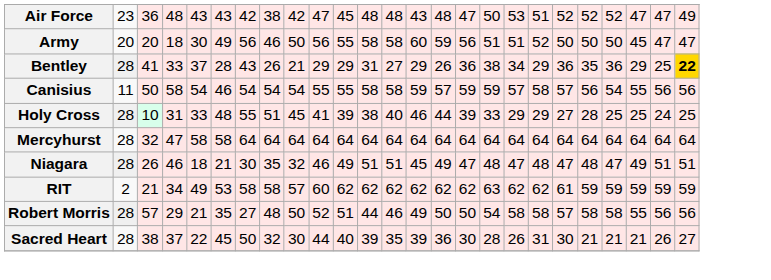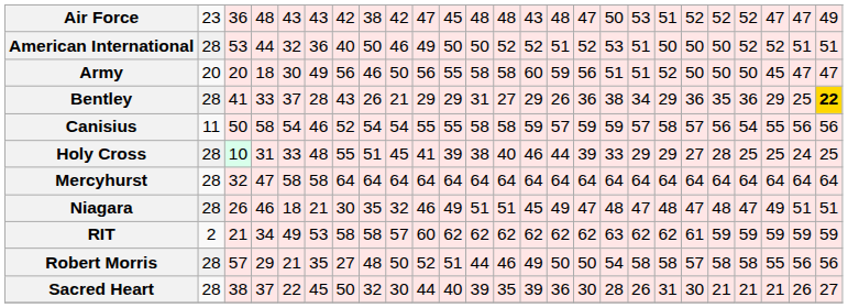 <table class="wikitable sortable" style="text-align: center;">
 <tr>
 </tr>
 <tr>
 <th>Air Force</th>
 <td>23</td>
 <td bgcolor=FFE6E6>36</td>
 <td bgcolor=FFE6E6>48</td>
 <td bgcolor=FFE6E6>43</td>
 <td bgcolor=FFE6E6>43</td>
 <td bgcolor=FFE6E6>42</td>
 <td bgcolor=FFE6E6>38</td>
 <td bgcolor=FFE6E6>42</td>
 <td bgcolor=FFE6E6>47</td>
 <td bgcolor=FFE6E6>45</td>
 <td bgcolor=FFE6E6>48</td>
 <td bgcolor=FFE6E6>48</td>
 <td bgcolor=FFE6E6>43</td>
 <td bgcolor=FFE6E6>48</td>
 <td bgcolor=FFE6E6>47</td>
 <td bgcolor=FFE6E6>50</td>
 <td bgcolor=FFE6E6>53</td>
 <td bgcolor=FFE6E6>51</td>
 <td bgcolor=FFE6E6>52</td>
 <td bgcolor=FFE6E6>52</td>
 <td bgcolor=FFE6E6>52</td>
 <td bgcolor=FFE6E6>47</td>
 <td bgcolor=FFE6E6>47</td>
 <td bgcolor=FFE6E6>49</td>
+</tr>
+<tr bgcolor=f0f0f0>
+<th>American International</th>
+<td>28</td>
+<td bgcolor=FFE6E6>53</td>
+<td bgcolor=FFE6E6>44</td>
+<td bgcolor=FFE6E6>32</td>
+<td bgcolor=FFE6E6>36</td>
+<td bgcolor=FFE6E6>40</td>
+<td bgcolor=FFE6E6>50</td>
+<td bgcolor=FFE6E6>46</td>
+<td bgcolor=FFE6E6>49</td>
+<td bgcolor=FFE6E6>50</td>
+<td bgcolor=FFE6E6>50</td>
+<td bgcolor=FFE6E6>52</td>
+<td bgcolor=FFE6E6>52</td>
+<td bgcolor=FFE6E6>51</td>
+<td bgcolor=FFE6E6>52</td>
+<td bgcolor=FFE6E6>53</td>
+<td bgcolor=FFE6E6>51</td>
+<td bgcolor=FFE6E6>50</td>
+<td bgcolor=FFE6E6>50</td>
+<td bgcolor=FFE6E6>50</td>
+<td bgcolor=FFE6E6>52</td>
+<td bgcolor=FFE6E6>52</td>
+<td bgcolor=FFE6E6>51</td>
+<td bgcolor=FFE6E6>51</td>
 </tr>
 <tr>
 <th>Army</th>
 <td>20</td>
 <td bgcolor=FFE6E6>20</td>
 <td bgcolor=FFE6E6>18</td>
 <td bgcolor=FFE6E6>30</td>
 <td bgcolor=FFE6E6>49</td>
 <td bgcolor=FFE6E6>56</td>
 <td bgcolor=FFE6E6>46</td>
 <td bgcolor=FFE6E6>50</td>
 <td bgcolor=FFE6E6>56</td>
 <td bgcolor=FFE6E6>55</td>
 <td bgcolor=FFE6E6>58</td>
 <td bgcolor=FFE6E6>58</td>
 <td bgcolor=FFE6E6>60</td>
 <td bgcolor=FFE6E6>59</td>
 <td bgcolor=FFE6E6>56</td>
 <td bgcolor=FFE6E6>51</td>
 <td bgcolor=FFE6E6>51</td>
 <td bgcolor=FFE6E6>52</td>
 <td bgcolor=FFE6E6>50</td>
 <td bgcolor=FFE6E6>50</td>
 <td bgcolor=FFE6E6>50</td>
 <td bgcolor=FFE6E6>45</td>
 <td bgcolor=FFE6E6>47</td>
 <td bgcolor=FFE6E6>47</td>
 </tr>
 <tr bgcolor=f0f0f0>
 <th>Bentley</th>
 <td>28</td>
 <td bgcolor=FFE6E6>41</td>
 <td bgcolor=FFE6E6>33</td>
 <td bgcolor=FFE6E6>37</td>
 <td bgcolor=FFE6E6>28</td>
 <td bgcolor=FFE6E6>43</td>
 <td bgcolor=FFE6E6>26</td>
 <td bgcolor=FFE6E6>21</td>
 <td bgcolor=FFE6E6>29</td>
 <td bgcolor=FFE6E6>29</td>
 <td bgcolor=FFE6E6>31</td>
 <td bgcolor=FFE6E6>27</td>
 <td bgcolor=FFE6E6>29</td>
 <td bgcolor=FFE6E6>26</td>
 <td bgcolor=FFE6E6>36</td>
 <td bgcolor=FFE6E6>38</td>
 <td bgcolor=FFE6E6>34</td>
 <td bgcolor=FFE6E6>29</td>
 <td bgcolor=FFE6E6>36</td>
 <td bgcolor=FFE6E6>35</td>
 <td bgcolor=FFE6E6>36</td>
 <td bgcolor=FFE6E6>29</td>
 <td bgcolor=FFE6E6>25</td>
 <td bgcolor=gold><strong>22</strong></td>
 </tr>
 <tr>
 <th>Canisius</th>
 <td>11</td>
 <td bgcolor=FFE6E6>50</td>
 <td bgcolor=FFE6E6>58</td>
 <td bgcolor=FFE6E6>54</td>
 <td bgcolor=FFE6E6>46</td>
-<td bgcolor=FFE6E6>54</td>
+<td bgcolor=FFE6E6>52</td>
 <td bgcolor=FFE6E6>54</td>
 <td bgcolor=FFE6E6>54</td>
 <td bgcolor=FFE6E6>55</td>
 <td bgcolor=FFE6E6>55</td>
 <td bgcolor=FFE6E6>58</td>
 <td bgcolor=FFE6E6>58</td>
 <td bgcolor=FFE6E6>59</td>
 <td bgcolor=FFE6E6>57</td>
 <td bgcolor=FFE6E6>59</td>
 <td bgcolor=FFE6E6>59</td>
 <td bgcolor=FFE6E6>57</td>
 <td bgcolor=FFE6E6>58</td>
 <td bgcolor=FFE6E6>57</td>
 <td bgcolor=FFE6E6>56</td>
 <td bgcolor=FFE6E6>54</td>
 <td bgcolor=FFE6E6>55</td>
 <td bgcolor=FFE6E6>56</td>
 <td bgcolor=FFE6E6>56</td>
 </tr>
 <tr bgcolor=f0f0f0>
 <th>Holy Cross</th>
 <td>28</td>
 <td bgcolor=D8FFEB>10</td>
 <td bgcolor=FFE6E6>31</td>
 <td bgcolor=FFE6E6>33</td>
 <td bgcolor=FFE6E6>48</td>
 <td bgcolor=FFE6E6>55</td>
 <td bgcolor=FFE6E6>51</td>
 <td bgcolor=FFE6E6>45</td>
 <td bgcolor=FFE6E6>41</td>
 <td bgcolor=FFE6E6>39</td>
 <td bgcolor=FFE6E6>38</td>
 <td bgcolor=FFE6E6>40</td>
 <td bgcolor=FFE6E6>46</td>
 <td bgcolor=FFE6E6>44</td>
 <td bgcolor=FFE6E6>39</td>
 <td bgcolor=FFE6E6>33</td>
 <td bgcolor=FFE6E6>29</td>
 <td bgcolor=FFE6E6>29</td>
 <td bgcolor=FFE6E6>27</td>
 <td bgcolor=FFE6E6>28</td>
 <td bgcolor=FFE6E6>25</td>
 <td bgcolor=FFE6E6>25</td>
 <td bgcolor=FFE6E6>24</td>
 <td bgcolor=FFE6E6>25</td>
 </tr>
 <tr>
 <th>Mercyhurst</th>
 <td>28</td>
 <td bgcolor=FFE6E6>32</td>
 <td bgcolor=FFE6E6>47</td>
 <td bgcolor=FFE6E6>58</td>
 <td bgcolor=FFE6E6>58</td>
 <td bgcolor=FFE6E6>64</td>
 <td bgcolor=FFE6E6>64</td>
 <td bgcolor=FFE6E6>64</td>
 <td bgcolor=FFE6E6>64</td>
 <td bgcolor=FFE6E6>64</td>
 <td bgcolor=FFE6E6>64</td>
 <td bgcolor=FFE6E6>64</td>
 <td bgcolor=FFE6E6>64</td>
 <td bgcolor=FFE6E6>64</td>
 <td bgcolor=FFE6E6>64</td>
 <td bgcolor=FFE6E6>64</td>
 <td bgcolor=FFE6E6>64</td>
 <td bgcolor=FFE6E6>64</td>
 <td bgcolor=FFE6E6>64</td>
 <td bgcolor=FFE6E6>64</td>
 <td bgcolor=FFE6E6>64</td>
 <td bgcolor=FFE6E6>64</td>
 <td bgcolor=FFE6E6>64</td>
 <td bgcolor=FFE6E6>64</td>
 </tr>
 <tr bgcolor=f0f0f0>
 <th>Niagara</th>
 <td>28</td>
 <td bgcolor=FFE6E6>26</td>
 <td bgcolor=FFE6E6>46</td>
 <td bgcolor=FFE6E6>18</td>
 <td bgcolor=FFE6E6>21</td>
 <td bgcolor=FFE6E6>30</td>
 <td bgcolor=FFE6E6>35</td>
 <td bgcolor=FFE6E6>32</td>
 <td bgcolor=FFE6E6>46</td>
 <td bgcolor=FFE6E6>49</td>
 <td bgcolor=FFE6E6>51</td>
 <td bgcolor=FFE6E6>51</td>
 <td bgcolor=FFE6E6>45</td>
 <td bgcolor=FFE6E6>49</td>
 <td bgcolor=FFE6E6>47</td>
 <td bgcolor=FFE6E6>48</td>
 <td bgcolor=FFE6E6>47</td>
 <td bgcolor=FFE6E6>48</td>
 <td bgcolor=FFE6E6>47</td>
 <td bgcolor=FFE6E6>48</td>
 <td bgcolor=FFE6E6>47</td>
 <td bgcolor=FFE6E6>49</td>
 <td bgcolor=FFE6E6>51</td>
 <td bgcolor=FFE6E6>51</td>
 </tr>
 <tr>
 <th>RIT</th>
 <td>2</td>
 <td bgcolor=FFE6E6>21</td>
 <td bgcolor=FFE6E6>34</td>
 <td bgcolor=FFE6E6>49</td>
 <td bgcolor=FFE6E6>53</td>
 <td bgcolor=FFE6E6>58</td>
 <td bgcolor=FFE6E6>58</td>
 <td bgcolor=FFE6E6>57</td>
 <td bgcolor=FFE6E6>60</td>
 <td bgcolor=FFE6E6>62</td>
 <td bgcolor=FFE6E6>62</td>
 <td bgcolor=FFE6E6>62</td>
 <td bgcolor=FFE6E6>62</td>
 <td bgcolor=FFE6E6>62</td>
 <td bgcolor=FFE6E6>62</td>
 <td bgcolor=FFE6E6>63</td>
 <td bgcolor=FFE6E6>62</td>
 <td bgcolor=FFE6E6>62</td>
 <td bgcolor=FFE6E6>61</td>
 <td bgcolor=FFE6E6>59</td>
 <td bgcolor=FFE6E6>59</td>
 <td bgcolor=FFE6E6>59</td>
 <td bgcolor=FFE6E6>59</td>
 <td bgcolor=FFE6E6>59</td>
 </tr>
 <tr bgcolor=f0f0f0>
 <th>Robert Morris</th>
 <td>28</td>
 <td bgcolor=FFE6E6>57</td>
 <td bgcolor=FFE6E6>29</td>
 <td bgcolor=FFE6E6>21</td>
 <td bgcolor=FFE6E6>35</td>
 <td bgcolor=FFE6E6>27</td>
 <td bgcolor=FFE6E6>48</td>
 <td bgcolor=FFE6E6>50</td>
 <td bgcolor=FFE6E6>52</td>
 <td bgcolor=FFE6E6>51</td>
 <td bgcolor=FFE6E6>44</td>
 <td bgcolor=FFE6E6>46</td>
 <td bgcolor=FFE6E6>49</td>
 <td bgcolor=FFE6E6>50</td>
 <td bgcolor=FFE6E6>50</td>
 <td bgcolor=FFE6E6>54</td>
 <td bgcolor=FFE6E6>58</td>
 <td bgcolor=FFE6E6>58</td>
 <td bgcolor=FFE6E6>57</td>
 <td bgcolor=FFE6E6>58</td>
 <td bgcolor=FFE6E6>58</td>
 <td bgcolor=FFE6E6>55</td>
 <td bgcolor=FFE6E6>56</td>
 <td bgcolor=FFE6E6>56</td>
 </tr>
 <tr>
 <th>Sacred Heart</th>
 <td>28</td>
 <td bgcolor=FFE6E6>38</td>
 <td bgcolor=FFE6E6>37</td>
 <td bgcolor=FFE6E6>22</td>
 <td bgcolor=FFE6E6>45</td>
 <td bgcolor=FFE6E6>50</td>
 <td bgcolor=FFE6E6>32</td>
 <td bgcolor=FFE6E6>30</td>
 <td bgcolor=FFE6E6>44</td>
 <td bgcolor=FFE6E6>40</td>
 <td bgcolor=FFE6E6>39</td>
 <td bgcolor=FFE6E6>35</td>
 <td bgcolor=FFE6E6>39</td>
 <td bgcolor=FFE6E6>36</td>
 <td bgcolor=FFE6E6>30</td>
 <td bgcolor=FFE6E6>28</td>
 <td bgcolor=FFE6E6>26</td>
 <td bgcolor=FFE6E6>31</td>
 <td bgcolor=FFE6E6>30</td>
 <td bgcolor=FFE6E6>21</td>
 <td bgcolor=FFE6E6>21</td>
 <td bgcolor=FFE6E6>21</td>
 <td bgcolor=FFE6E6>26</td>
 <td bgcolor=FFE6E6>27</td>
 </tr>
 <tr>
 </tr>
 </table>
